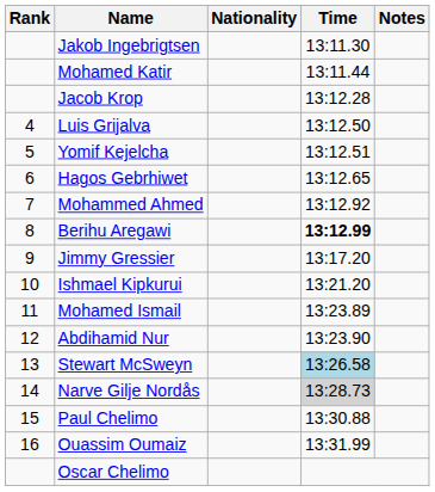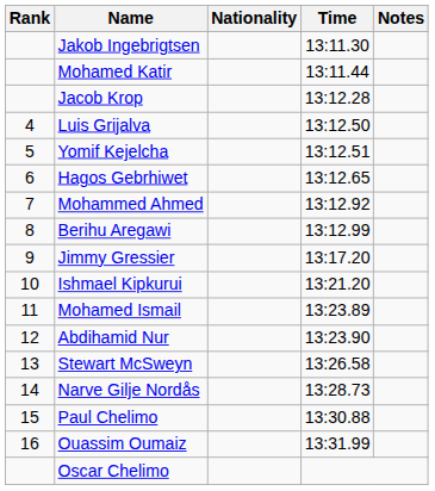 <table class="wikitable sortable" style="text-align:center">
 <tr>
 <th>Rank</th>
 <th>Name</th>
 <th>Nationality</th>
 <th>Time</th>
 <th>Notes</th>
 </tr>
 <tr>
 <td></td>
 <td align=left><a href='#'>Jakob Ingebrigtsen</a></td>
 <td align=left></td>
 <td>13:11.30</td>
 <td></td>
 </tr>
 <tr>
 <td></td>
 <td align=left><a href='#'>Mohamed Katir</a></td>
 <td align=left></td>
 <td>13:11.44</td>
 <td></td>
 </tr>
 <tr>
 <td></td>
 <td align=left><a href='#'>Jacob Krop</a></td>
 <td align=left></td>
 <td>13:12.28</td>
 <td></td>
 </tr>
 <tr>
 <td>4</td>
 <td align=left><a href='#'>Luis Grijalva</a></td>
 <td align=left></td>
 <td>13:12.50</td>
 <td></td>
 </tr>
 <tr>
 <td>5</td>
 <td align=left><a href='#'>Yomif Kejelcha</a></td>
 <td align=left></td>
 <td>13:12.51</td>
 <td></td>
 </tr>
 <tr>
 <td>6</td>
 <td align=left><a href='#'>Hagos Gebrhiwet</a></td>
 <td align=left></td>
 <td>13:12.65</td>
 <td></td>
 </tr>
 <tr>
 <td>7</td>
 <td align=left><a href='#'>Mohammed Ahmed</a></td>
 <td align=left></td>
 <td>13:12.92</td>
 <td></td>
 </tr>
 <tr>
 <td>8</td>
 <td align=left><a href='#'>Berihu Aregawi</a></td>
 <td align=left></td>
-<td><strong>13:12.99</strong></td>
+<td>13:12.99</td>
 <td></td>
 </tr>
 <tr>
 <td>9</td>
 <td align=left><a href='#'>Jimmy Gressier</a></td>
 <td align=left></td>
 <td>13:17.20</td>
 <td></td>
 </tr>
 <tr>
 <td>10</td>
 <td align=left><a href='#'>Ishmael Kipkurui</a></td>
 <td align=left></td>
 <td>13:21.20</td>
 <td></td>
 </tr>
 <tr>
 <td>11</td>
 <td align=left><a href='#'>Mohamed Ismail</a></td>
 <td align=left></td>
 <td>13:23.89</td>
 <td></td>
 </tr>
 <tr>
 <td>12</td>
 <td align=left><a href='#'>Abdihamid Nur</a></td>
 <td align=left></td>
 <td>13:23.90</td>
 <td></td>
 </tr>
 <tr>
 <td>13</td>
 <td align=left><a href='#'>Stewart McSweyn</a></td>
 <td align=left></td>
-<td style="background: lightblue;">13:26.58</td>
+<td>13:26.58</td>
 <td></td>
 </tr>
 <tr>
 <td>14</td>
 <td align=left><a href='#'>Narve Gilje Nordås</a></td>
 <td align=left></td>
-<td style="background: lightgrey;">13:28.73</td>
+<td>13:28.73</td>
 <td></td>
 </tr>
 <tr>
 <td>15</td>
 <td align=left><a href='#'>Paul Chelimo</a></td>
 <td align=left></td>
 <td>13:30.88</td>
 <td></td>
 </tr>
 <tr>
 <td>16</td>
 <td align=left><a href='#'>Ouassim Oumaiz</a></td>
 <td align=left></td>
 <td>13:31.99</td>
 <td></td>
 </tr>
 <tr>
 <td></td>
 <td align=left><a href='#'>Oscar Chelimo</a></td>
 <td align=left></td>
 <td colspan=2></td>
 </tr>
 </table>
